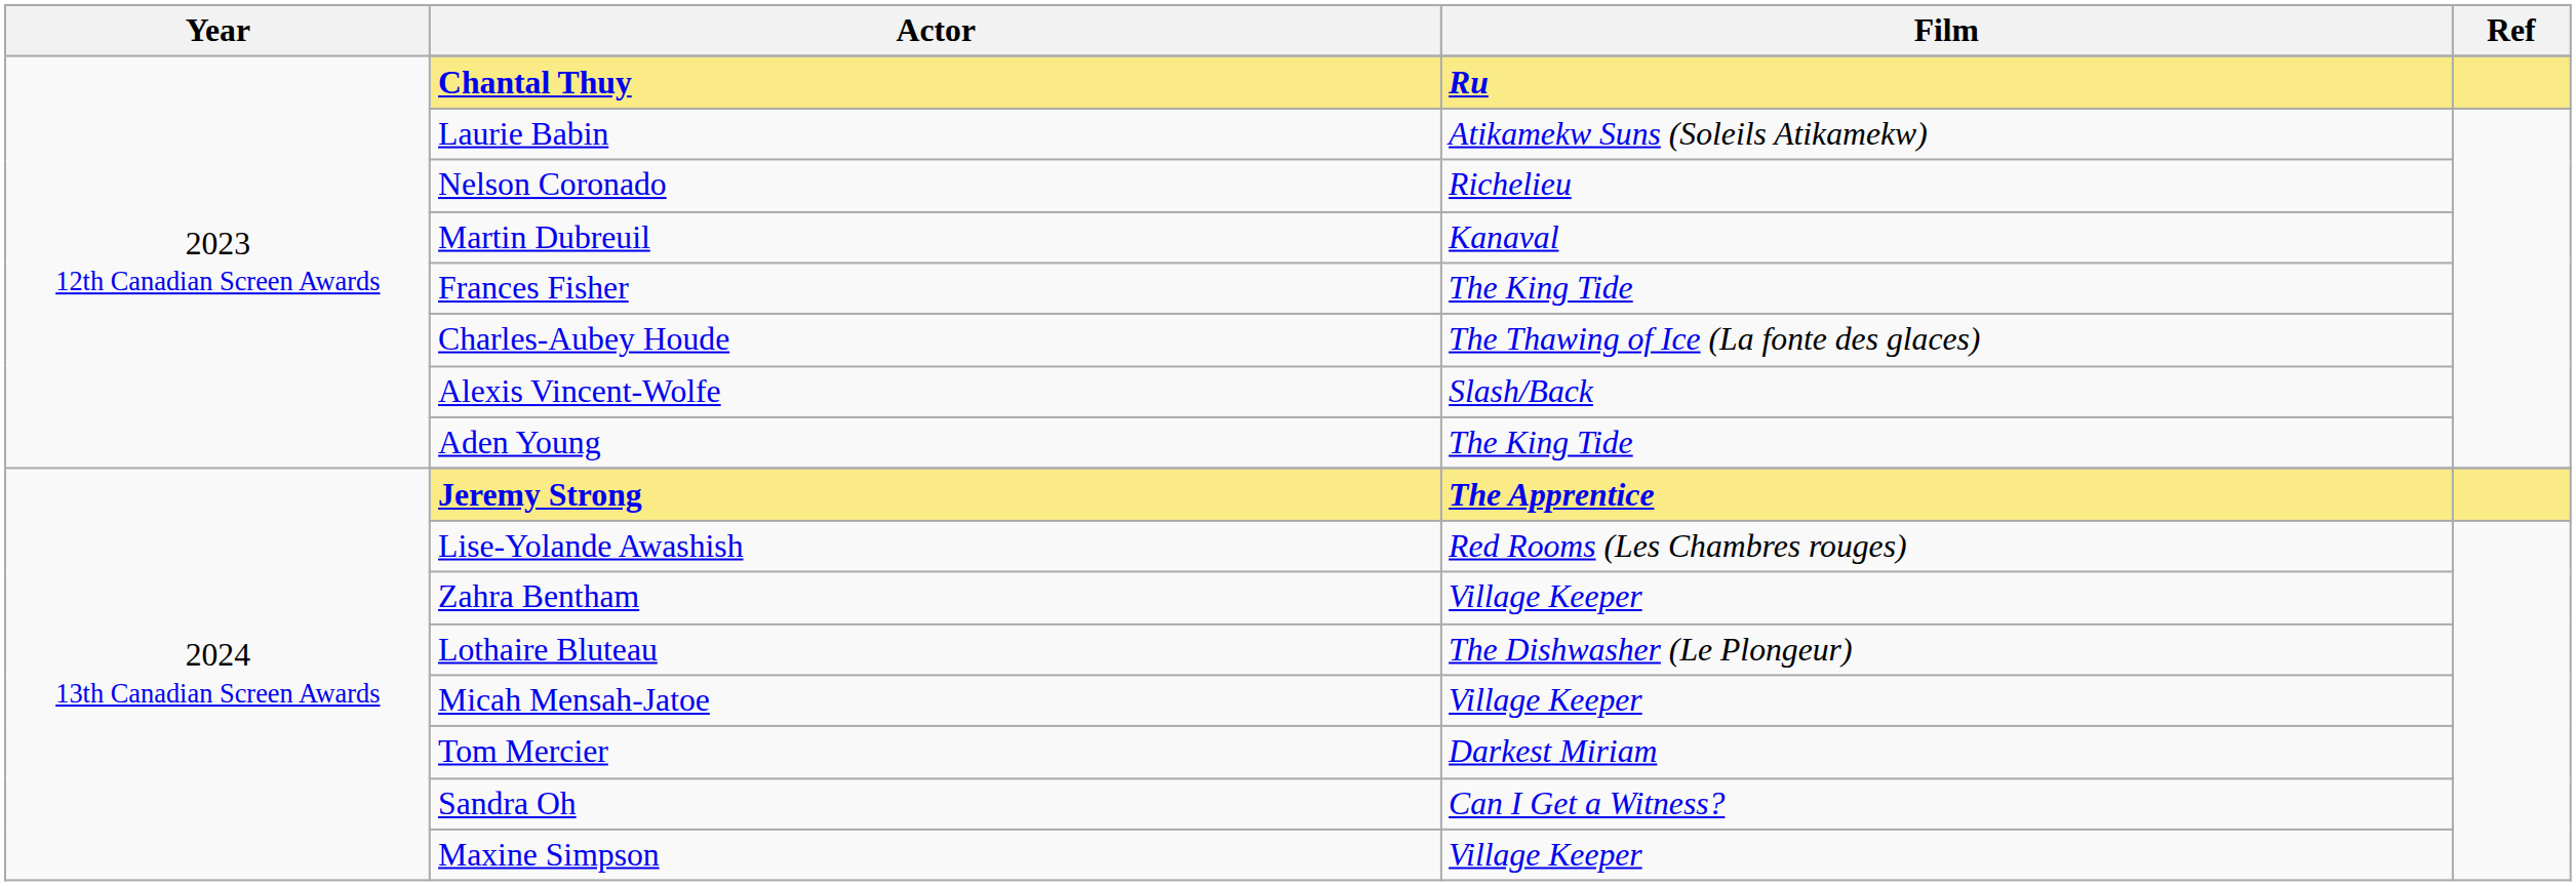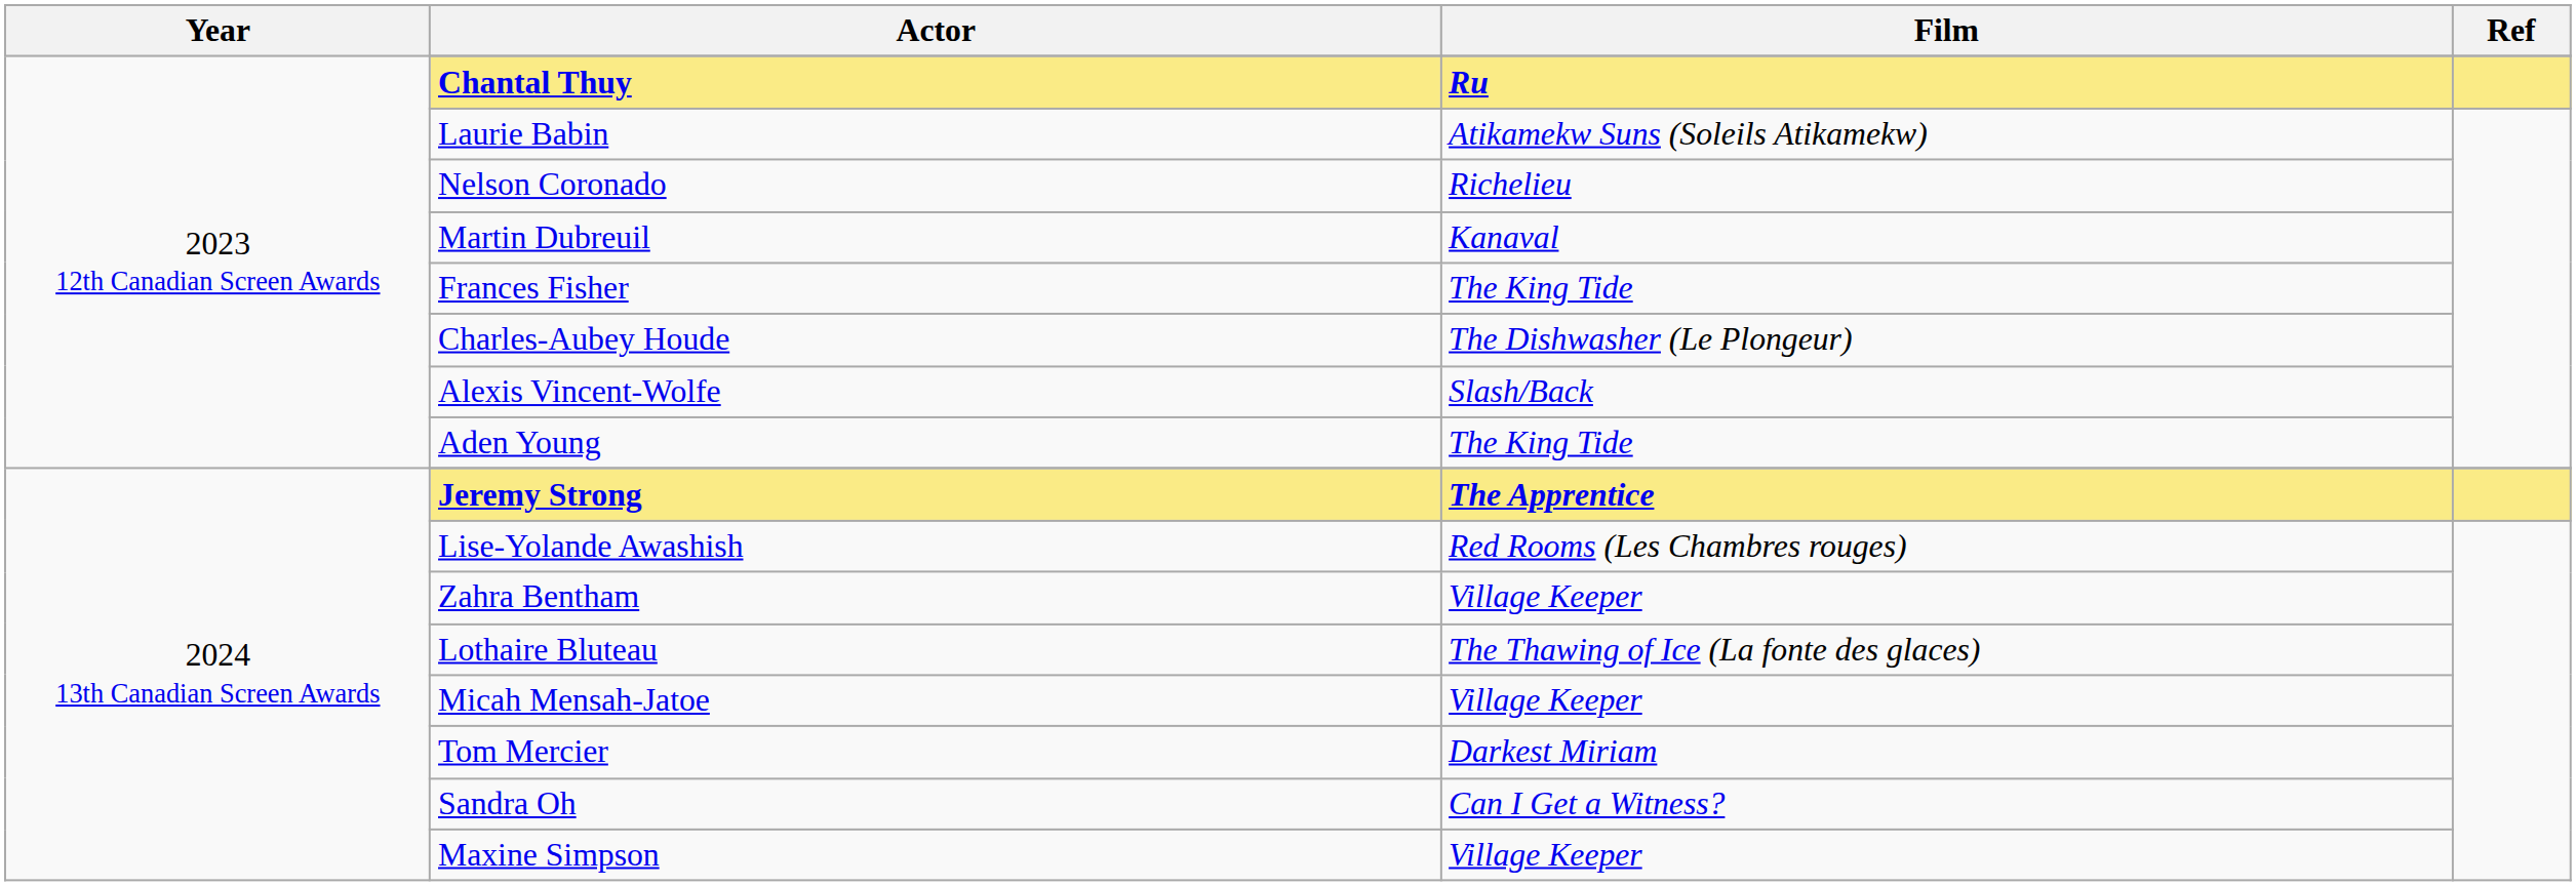 <table class="wikitable" style="width:100%;">
 <tr style="background:#bebebe;">
 <th style="width:8%;">Year</th>
 <th style="width:19%;">Actor</th>
 <th style="width:19%;">Film</th>
 <th style="width:2%;">Ref</th>
 </tr>
 <tr>
 <td rowspan="9" align="center">2023 <br> <small><a href='#'>12th Canadian Screen Awards</a></small></td>
 </tr>
 <tr style="background:#FAEB86;">
 <td><strong><a href='#'>Chantal Thuy</a></strong></td>
 <td><strong><em><a href='#'>Ru</a></em></strong></td>
 <td></td>
 </tr>
 <tr>
 <td><a href='#'>Laurie Babin</a></td>
 <td><em><a href='#'>Atikamekw Suns</a> (Soleils Atikamekw)</em></td>
 <td rowspan=7></td>
 </tr>
 <tr>
 <td><a href='#'>Nelson Coronado</a></td>
 <td><em><a href='#'>Richelieu</a></em></td>
 </tr>
 <tr>
 <td><a href='#'>Martin Dubreuil</a></td>
 <td><em><a href='#'>Kanaval</a></em></td>
 </tr>
 <tr>
 <td><a href='#'>Frances Fisher</a></td>
 <td><em><a href='#'>The King Tide</a></em></td>
 </tr>
 <tr>
 <td><a href='#'>Charles-Aubey Houde</a></td>
-<td><em><a href='#'>The Thawing of Ice</a> (La fonte des glaces)</em></td>
+<td><em><a href='#'>The Dishwasher</a> (Le Plongeur)</em></td>
 </tr>
 <tr>
 <td><a href='#'>Alexis Vincent-Wolfe</a></td>
 <td><em><a href='#'>Slash/Back</a></em></td>
 </tr>
 <tr>
 <td><a href='#'>Aden Young</a></td>
 <td><em><a href='#'>The King Tide</a></em></td>
 </tr>
 <tr>
 <td rowspan="9" align="center">2024 <br> <small><a href='#'>13th Canadian Screen Awards</a></small></td>
 </tr>
 <tr style="background:#FAEB86;">
 <td><strong><a href='#'>Jeremy Strong</a></strong></td>
 <td><strong><em><a href='#'>The Apprentice</a></em></strong></td>
 <td></td>
 </tr>
 <tr>
 <td><a href='#'>Lise-Yolande Awashish</a></td>
 <td><em><a href='#'>Red Rooms</a> (Les Chambres rouges)</em></td>
 <td rowspan=7></td>
 </tr>
 <tr>
 <td><a href='#'>Zahra Bentham</a></td>
 <td><em><a href='#'>Village Keeper</a></em></td>
 </tr>
 <tr>
 <td><a href='#'>Lothaire Bluteau</a></td>
-<td><em><a href='#'>The Dishwasher</a> (Le Plongeur)</em></td>
+<td><em><a href='#'>The Thawing of Ice</a> (La fonte des glaces)</em></td>
 </tr>
 <tr>
 <td><a href='#'>Micah Mensah-Jatoe</a></td>
 <td><em><a href='#'>Village Keeper</a></em></td>
 </tr>
 <tr>
 <td><a href='#'>Tom Mercier</a></td>
 <td><em><a href='#'>Darkest Miriam</a></em></td>
 </tr>
 <tr>
 <td><a href='#'>Sandra Oh</a></td>
 <td><em><a href='#'>Can I Get a Witness?</a></em></td>
 </tr>
 <tr>
 <td><a href='#'>Maxine Simpson</a></td>
 <td><em><a href='#'>Village Keeper</a></em></td>
 </tr>
 </table>
